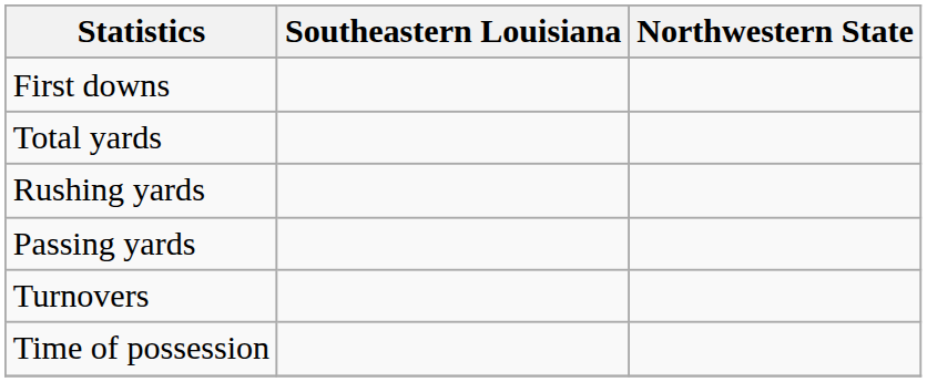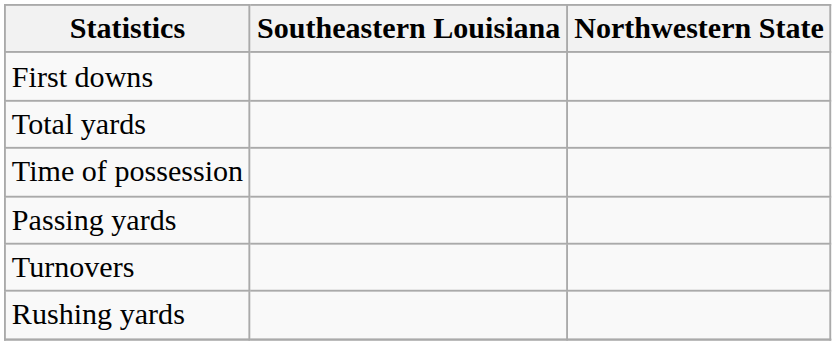 <table class="wikitable">
 <tr>
 <th>Statistics</th>
 <th>Southeastern Louisiana</th>
 <th>Northwestern State</th>
 </tr>
 <tr>
 <td>First downs</td>
 <td> </td>
 <td> </td>
 </tr>
 <tr>
 <td>Total yards</td>
 <td> </td>
 <td> </td>
 </tr>
 <tr>
-<td>Rushing yards</td>
+<td>Time of possession</td>
 <td> </td>
 <td> </td>
 </tr>
 <tr>
 <td>Passing yards</td>
 <td> </td>
 <td> </td>
 </tr>
 <tr>
 <td>Turnovers</td>
 <td> </td>
 <td> </td>
 </tr>
 <tr>
-<td>Time of possession</td>
+<td>Rushing yards</td>
 <td> </td>
 <td> </td>
 </tr>
 <tr>
 </tr>
 </table>
